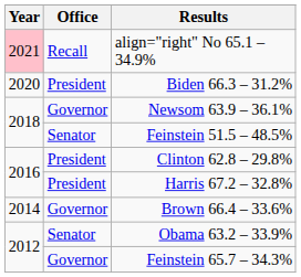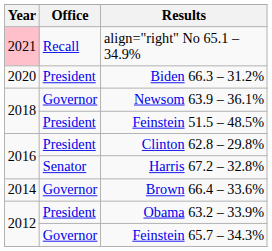 <table class=wikitable>
 <tr>
 </tr>
 <tr>
 <th width="30">Year</th>
 <th width="60">Office</th>
 <th width="180">Results</th>
 </tr>
 <tr>
 <td style="background: pink;">2021</td>
 <td><a href='#'>Recall</a></td>
 <td>align="right"  No 65.1 – 34.9%</td>
 </tr>
 <tr>
 <td>2020</td>
 <td><a href='#'>President</a></td>
 <td align="right" ><a href='#'>Biden</a> 66.3 – 31.2%</td>
 </tr>
 <tr>
 <td rowspan="2">2018</td>
 <td><a href='#'>Governor</a></td>
 <td align="right" ><a href='#'>Newsom</a> 63.9 – 36.1%</td>
 </tr>
 <tr>
-<td><a href='#'>Senator</a></td>
+<td><a href='#'>President</a></td>
 <td align="right" ><a href='#'>Feinstein</a> 51.5 – 48.5%</td>
 </tr>
 <tr>
 <td rowspan="2">2016</td>
 <td><a href='#'>President</a></td>
 <td align="right" ><a href='#'>Clinton</a> 62.8 – 29.8%</td>
 </tr>
 <tr>
-<td><a href='#'>President</a></td>
+<td><a href='#'>Senator</a></td>
 <td align="right" ><a href='#'>Harris</a> 67.2 – 32.8%</td>
 </tr>
 <tr>
 <td>2014</td>
 <td><a href='#'>Governor</a></td>
 <td align="right" ><a href='#'>Brown</a> 66.4 – 33.6%</td>
 </tr>
 <tr>
 <td rowspan="2">2012</td>
-<td><a href='#'>Senator</a></td>
+<td><a href='#'>President</a></td>
 <td align="right" ><a href='#'>Obama</a> 63.2 – 33.9%</td>
 </tr>
 <tr>
 <td><a href='#'>Governor</a></td>
 <td align="right" ><a href='#'>Feinstein</a> 65.7 – 34.3%</td>
 </tr>
 </table>
